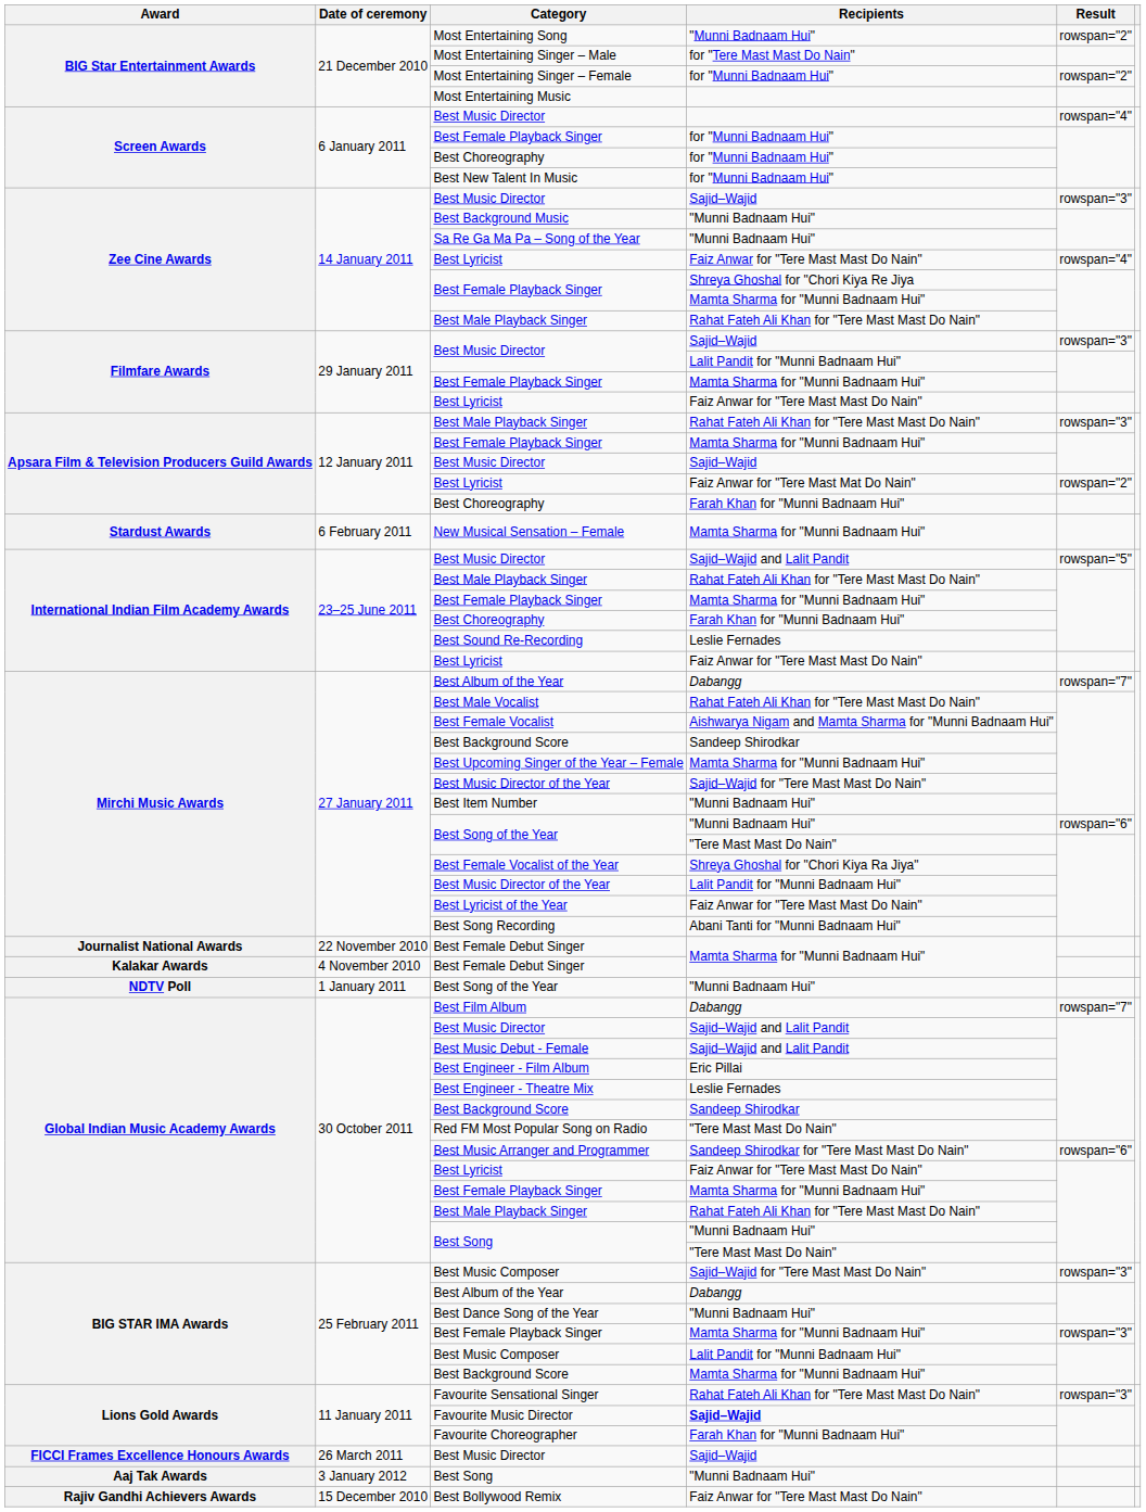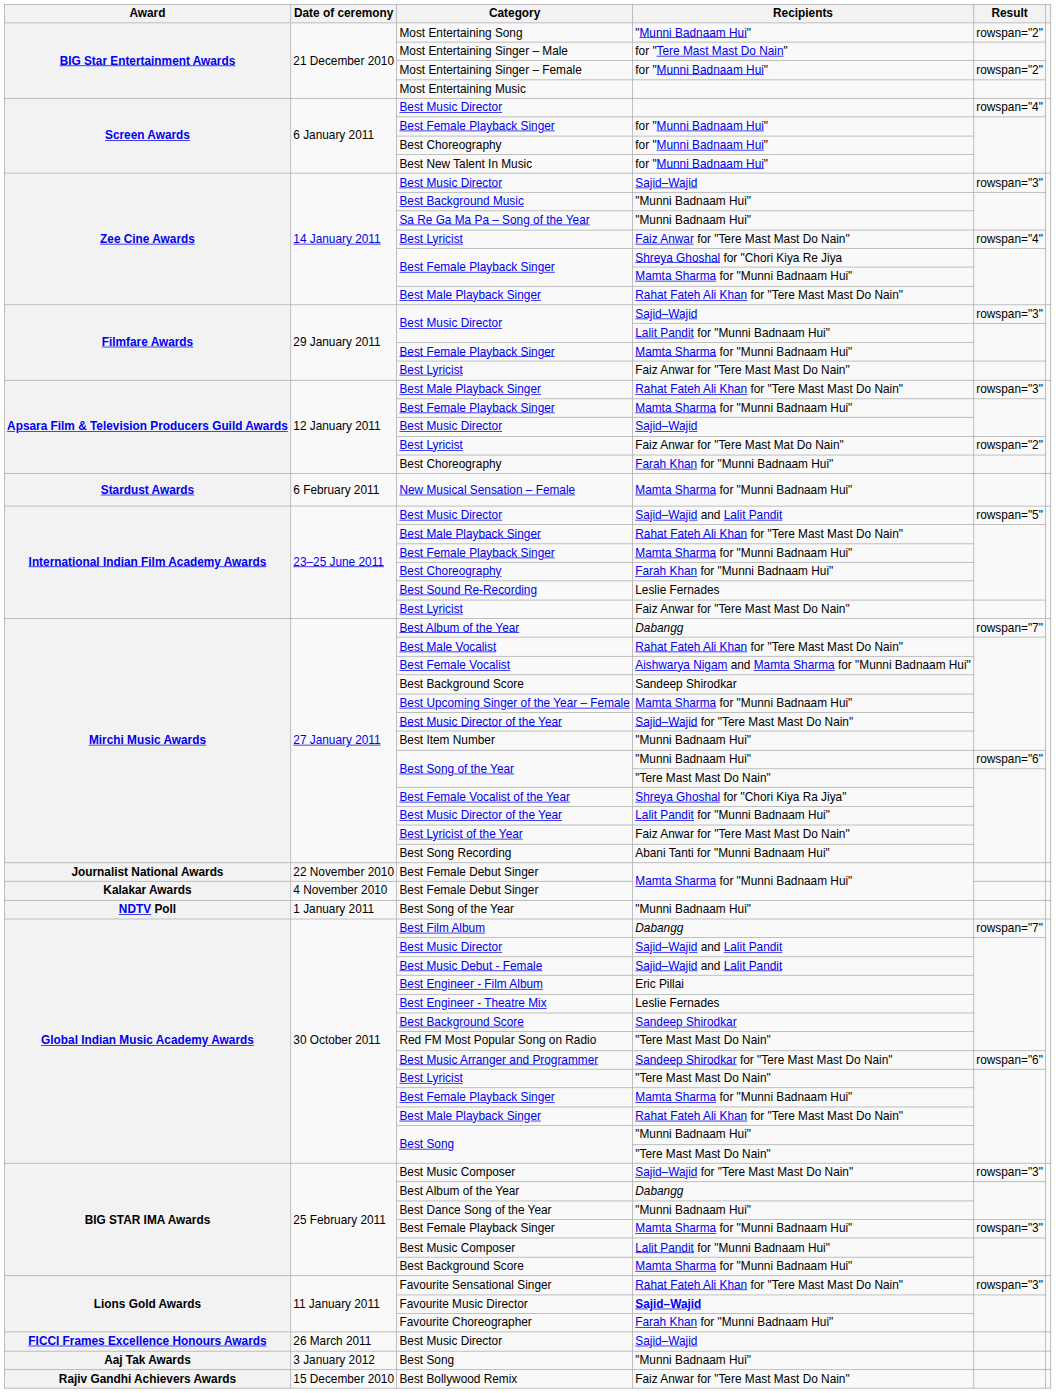 <table class="wikitable plainrowheaders sortable">
 <tr>
 <th scope="col">Award</th>
 <th scope="col">Date of ceremony</th>
 <th scope="col">Category</th>
 <th scope="col">Recipients</th>
 <th scope="col">Result</th>
 <th scope="col" class="unsortable"></th>
 </tr>
 <tr>
 <th scope="row" rowspan="4"><a href='#'>BIG Star Entertainment Awards</a></th>
 <td rowspan="4">21 December 2010</td>
 <td>Most Entertaining Song</td>
 <td>"<a href='#'>Munni Badnaam Hui</a>"</td>
 <td>rowspan="2"</td>
 <td rowspan="4" style="text-align:center;"><br></td>
 </tr>
 <tr>
 <td>Most Entertaining Singer – Male</td>
 <td> for "<a href='#'>Tere Mast Mast Do Nain</a>"</td>
 </tr>
 <tr>
 <td>Most Entertaining Singer – Female</td>
 <td> for "<a href='#'>Munni Badnaam Hui</a>"</td>
 <td>rowspan="2"</td>
 </tr>
 <tr>
 <td>Most Entertaining Music</td>
 <td></td>
 </tr>
 <tr>
 <th scope="row" rowspan="4"><a href='#'>Screen Awards</a></th>
 <td rowspan="4">6 January 2011</td>
 <td><a href='#'>Best Music Director</a></td>
 <td></td>
 <td>rowspan="4"</td>
 <td rowspan="4" style="text-align:center;"><br><br></td>
 </tr>
 <tr>
 <td><a href='#'>Best Female Playback Singer</a></td>
 <td> for "<a href='#'>Munni Badnaam Hui</a>"</td>
 </tr>
 <tr>
 <td>Best Choreography</td>
 <td> for "<a href='#'>Munni Badnaam Hui</a>"</td>
 </tr>
 <tr>
 <td>Best New Talent In Music</td>
 <td> for "<a href='#'>Munni Badnaam Hui</a>"</td>
 </tr>
 <tr>
 <th scope="row" rowspan="7"><a href='#'>Zee Cine Awards</a></th>
 <td rowspan="7"><a href='#'>14 January 2011</a></td>
 <td><a href='#'>Best Music Director</a></td>
 <td><a href='#'>Sajid–Wajid</a></td>
 <td>rowspan="3"</td>
 <td rowspan="7" style="text-align:center;"><br><br></td>
 </tr>
 <tr>
 <td><a href='#'>Best Background Music</a></td>
 <td>"Munni Badnaam Hui"</td>
 </tr>
 <tr>
 <td><a href='#'>Sa Re Ga Ma Pa – Song of the Year</a></td>
 <td>"Munni Badnaam Hui"</td>
 </tr>
 <tr>
 <td><a href='#'>Best Lyricist</a></td>
 <td><a href='#'>Faiz Anwar</a> for "Tere Mast Mast Do Nain"</td>
 <td>rowspan="4"</td>
 </tr>
 <tr>
 <td rowspan="2"><a href='#'>Best Female Playback Singer</a></td>
 <td><a href='#'>Shreya Ghoshal</a> for "Chori Kiya Re Jiya</td>
 </tr>
 <tr>
 <td><a href='#'>Mamta Sharma</a> for "Munni Badnaam Hui"</td>
 </tr>
 <tr>
 <td><a href='#'>Best Male Playback Singer</a></td>
 <td><a href='#'>Rahat Fateh Ali Khan</a> for "Tere Mast Mast Do Nain"</td>
 </tr>
 <tr>
 <th scope="row" rowspan="4"><a href='#'>Filmfare Awards</a></th>
 <td rowspan="4">29 January 2011</td>
 <td rowspan="2"><a href='#'>Best Music Director</a></td>
 <td><a href='#'>Sajid–Wajid</a></td>
 <td>rowspan="3"</td>
 <td rowspan="4" style="text-align:center;"><br><br></td>
 </tr>
 <tr>
 <td><a href='#'>Lalit Pandit</a> for "Munni Badnaam Hui"</td>
 </tr>
 <tr>
 <td><a href='#'>Best Female Playback Singer</a></td>
 <td><a href='#'>Mamta Sharma</a> for "Munni Badnaam Hui"</td>
 </tr>
 <tr>
 <td><a href='#'>Best Lyricist</a></td>
 <td>Faiz Anwar for "Tere Mast Mast Do Nain"</td>
 <td></td>
 </tr>
 <tr>
 <th scope="row" rowspan="5"><a href='#'>Apsara Film & Television Producers Guild Awards</a></th>
 <td rowspan="5">12 January 2011</td>
 <td><a href='#'>Best Male Playback Singer</a></td>
 <td><a href='#'>Rahat Fateh Ali Khan</a> for "Tere Mast Mast Do Nain"</td>
 <td>rowspan="3"</td>
 <td rowspan="5" style="text-align:center;"><br><br></td>
 </tr>
 <tr>
 <td><a href='#'>Best Female Playback Singer</a></td>
 <td><a href='#'>Mamta Sharma</a> for "Munni Badnaam Hui"</td>
 </tr>
 <tr>
 <td><a href='#'>Best Music Director</a></td>
 <td><a href='#'>Sajid–Wajid</a></td>
 </tr>
 <tr>
 <td><a href='#'>Best Lyricist</a></td>
 <td>Faiz Anwar for "Tere Mast Mat Do Nain"</td>
 <td>rowspan="2"</td>
 </tr>
 <tr>
 <td>Best Choreography</td>
 <td><a href='#'>Farah Khan</a> for "Munni Badnaam Hui"</td>
 </tr>
 <tr>
 <th scope="row"><a href='#'>Stardust Awards</a></th>
 <td>6 February 2011</td>
 <td><a href='#'>New Musical Sensation – Female</a></td>
 <td><a href='#'>Mamta Sharma</a> for "Munni Badnaam Hui"</td>
 <td></td>
 <td style="text-align:center;"><br><br></td>
 </tr>
 <tr>
 <th rowspan="6" scope="row"><a href='#'>International Indian Film Academy Awards</a></th>
 <td rowspan="6"><a href='#'>23–25 June 2011</a></td>
 <td><a href='#'>Best Music Director</a></td>
 <td><a href='#'>Sajid–Wajid</a> and <a href='#'>Lalit Pandit</a></td>
 <td>rowspan="5"</td>
 <td rowspan="6" style="text-align:center;"><br><br><br></td>
 </tr>
 <tr>
 <td><a href='#'>Best Male Playback Singer</a></td>
 <td><a href='#'>Rahat Fateh Ali Khan</a> for "Tere Mast Mast Do Nain"</td>
 </tr>
 <tr>
 <td><a href='#'>Best Female Playback Singer</a></td>
 <td><a href='#'>Mamta Sharma</a> for "Munni Badnaam Hui"</td>
 </tr>
 <tr>
 <td><a href='#'>Best Choreography</a></td>
 <td><a href='#'>Farah Khan</a> for "Munni Badnaam Hui"</td>
 </tr>
 <tr>
 <td><a href='#'>Best Sound Re-Recording</a></td>
 <td>Leslie Fernades</td>
 </tr>
 <tr>
 <td><a href='#'>Best Lyricist</a></td>
 <td>Faiz Anwar for "Tere Mast Mast Do Nain"</td>
 <td></td>
 </tr>
 <tr>
 <th rowspan="13" scope="row"><a href='#'>Mirchi Music Awards</a></th>
 <td rowspan="13"><a href='#'>27 January 2011</a></td>
 <td><a href='#'>Best Album of the Year</a></td>
 <td><em>Dabangg</em></td>
 <td>rowspan="7"</td>
 <td rowspan="13" style="text-align:center;"><br><br><br><br></td>
 </tr>
 <tr>
 <td><a href='#'>Best Male Vocalist</a></td>
 <td><a href='#'>Rahat Fateh Ali Khan</a> for "Tere Mast Mast Do Nain"</td>
 </tr>
 <tr>
 <td><a href='#'>Best Female Vocalist</a></td>
 <td><a href='#'>Aishwarya Nigam</a> and <a href='#'>Mamta Sharma</a> for "Munni Badnaam Hui"</td>
 </tr>
 <tr>
 <td>Best Background Score</td>
 <td>Sandeep Shirodkar</td>
 </tr>
 <tr>
 <td><a href='#'>Best Upcoming Singer of the Year – Female</a></td>
 <td><a href='#'>Mamta Sharma</a> for "Munni Badnaam Hui"</td>
 </tr>
 <tr>
 <td><a href='#'>Best Music Director of the Year</a></td>
 <td><a href='#'>Sajid–Wajid</a> for "Tere Mast Mast Do Nain"</td>
 </tr>
 <tr>
 <td>Best Item Number</td>
 <td>"Munni Badnaam Hui"</td>
 </tr>
 <tr>
 <td rowspan="2"><a href='#'>Best Song of the Year</a></td>
 <td>"Munni Badnaam Hui"</td>
 <td>rowspan="6"</td>
 </tr>
 <tr>
 <td>"Tere Mast Mast Do Nain"</td>
 </tr>
 <tr>
 <td><a href='#'>Best Female Vocalist of the Year</a></td>
 <td><a href='#'>Shreya Ghoshal</a> for "Chori Kiya Ra Jiya"</td>
 </tr>
 <tr>
 <td><a href='#'>Best Music Director of the Year</a></td>
 <td><a href='#'>Lalit Pandit</a> for "Munni Badnaam Hui"</td>
 </tr>
 <tr>
 <td><a href='#'>Best Lyricist of the Year</a></td>
 <td>Faiz Anwar for "Tere Mast Mast Do Nain"</td>
 </tr>
 <tr>
 <td>Best Song Recording</td>
 <td>Abani Tanti for "Munni Badnaam Hui"</td>
 </tr>
 <tr>
 <th rowspan="1" scope="row">Journalist National Awards</th>
 <td>22 November 2010</td>
 <td>Best Female Debut Singer</td>
 <td rowspan="2"><a href='#'>Mamta Sharma</a> for "Munni Badnaam Hui"</td>
 <td></td>
 <td></td>
 </tr>
 <tr>
 <th rowspan="1" scope="row">Kalakar Awards</th>
 <td>4 November 2010</td>
 <td>Best Female Debut Singer</td>
 <td></td>
 <td style="text-align:center;"></td>
 </tr>
 <tr>
 <th rowspan="1" scope="row"><a href='#'>NDTV</a> Poll</th>
 <td>1 January 2011</td>
 <td>Best Song of the Year</td>
 <td>"Munni Badnaam Hui"</td>
 <td></td>
 <td style="text-align:center;"></td>
 </tr>
 <tr>
 <th rowspan="13" scope="row"><a href='#'>Global Indian Music Academy Awards</a></th>
 <td rowspan="13">30 October 2011</td>
 <td><a href='#'>Best Film Album</a></td>
 <td><em>Dabangg</em></td>
 <td>rowspan="7"</td>
 <td rowspan="13" style="text-align:center;"><br><br></td>
 </tr>
 <tr>
 <td><a href='#'>Best Music Director</a></td>
 <td><a href='#'>Sajid–Wajid</a> and <a href='#'>Lalit Pandit</a></td>
 </tr>
 <tr>
 <td><a href='#'>Best Music Debut - Female</a></td>
 <td><a href='#'>Sajid–Wajid</a> and <a href='#'>Lalit Pandit</a></td>
 </tr>
 <tr>
 <td><a href='#'>Best Engineer - Film Album</a></td>
 <td>Eric Pillai</td>
 </tr>
 <tr>
 <td><a href='#'>Best Engineer - Theatre Mix</a></td>
 <td>Leslie Fernades</td>
 </tr>
 <tr>
 <td><a href='#'>Best Background Score</a></td>
 <td><a href='#'>Sandeep Shirodkar</a></td>
 </tr>
 <tr>
 <td>Red FM Most Popular Song on Radio</td>
 <td>"Tere Mast Mast Do Nain"</td>
 </tr>
 <tr>
 <td><a href='#'>Best Music Arranger and Programmer</a></td>
 <td><a href='#'>Sandeep Shirodkar</a> for "Tere Mast Mast Do Nain"</td>
 <td>rowspan="6"</td>
 </tr>
 <tr>
 <td><a href='#'>Best Lyricist</a></td>
-<td>Faiz Anwar for "Tere Mast Mast Do Nain"</td>
+<td>"Tere Mast Mast Do Nain"</td>
 </tr>
 <tr>
 <td><a href='#'>Best Female Playback Singer</a></td>
 <td><a href='#'>Mamta Sharma</a> for "Munni Badnaam Hui"</td>
 </tr>
 <tr>
 <td><a href='#'>Best Male Playback Singer</a></td>
 <td><a href='#'>Rahat Fateh Ali Khan</a> for "Tere Mast Mast Do Nain"</td>
 </tr>
 <tr>
 <td rowspan="2"><a href='#'>Best Song</a></td>
 <td>"Munni Badnaam Hui"</td>
 </tr>
 <tr>
 <td>"Tere Mast Mast Do Nain"</td>
 </tr>
 <tr>
 <th rowspan="6" scope="row">BIG STAR IMA Awards</th>
 <td rowspan="6">25 February 2011</td>
 <td>Best Music Composer</td>
 <td><a href='#'>Sajid–Wajid</a> for "Tere Mast Mast Do Nain"</td>
 <td>rowspan="3"</td>
 <td rowspan="6" style="text-align:center;"></td>
 </tr>
 <tr>
 <td>Best Album of the Year</td>
 <td><em>Dabangg</em></td>
 </tr>
 <tr>
 <td>Best Dance Song of the Year</td>
 <td>"Munni Badnaam Hui"</td>
 </tr>
 <tr>
 <td>Best Female Playback Singer</td>
 <td><a href='#'>Mamta Sharma</a> for "Munni Badnaam Hui"</td>
 <td>rowspan="3"</td>
 </tr>
 <tr>
 <td>Best Music Composer</td>
 <td><a href='#'>Lalit Pandit</a> for "Munni Badnaam Hui"</td>
 </tr>
 <tr>
 <td>Best Background Score</td>
 <td><a href='#'>Mamta Sharma</a> for "Munni Badnaam Hui"</td>
 </tr>
 <tr>
 <th scope="row" rowspan="3">Lions Gold Awards</th>
 <td rowspan="3">11 January 2011</td>
 <td>Favourite Sensational Singer</td>
 <td><a href='#'>Rahat Fateh Ali Khan</a> for "Tere Mast Mast Do Nain"</td>
 <td>rowspan="3"</td>
 <td rowspan="3" style="text-align:center;"></td>
 </tr>
 <tr>
 <td>Favourite Music Director</td>
 <td><strong><a href='#'>Sajid–Wajid</a></strong></td>
 </tr>
 <tr>
 <td>Favourite Choreographer</td>
 <td><a href='#'>Farah Khan</a> for "Munni Badnaam Hui"</td>
 </tr>
 <tr>
 <th scope="row"><a href='#'>FICCI Frames Excellence Honours Awards</a></th>
 <td>26 March 2011</td>
 <td>Best Music Director</td>
 <td><a href='#'>Sajid–Wajid</a></td>
 <td></td>
 <td style="text-align:center;"></td>
 </tr>
 <tr>
 <th scope="row">Aaj Tak Awards</th>
 <td>3 January 2012</td>
 <td>Best Song</td>
 <td>"Munni Badnaam Hui"</td>
 <td></td>
 <td style="text-align:center;"></td>
 </tr>
 <tr>
 <th scope="row">Rajiv Gandhi Achievers Awards</th>
 <td>15 December 2010</td>
 <td>Best Bollywood Remix</td>
 <td>Faiz Anwar for "Tere Mast Mast Do Nain"</td>
 <td></td>
 <td style="text-align:center;"></td>
 </tr>
 </table>
